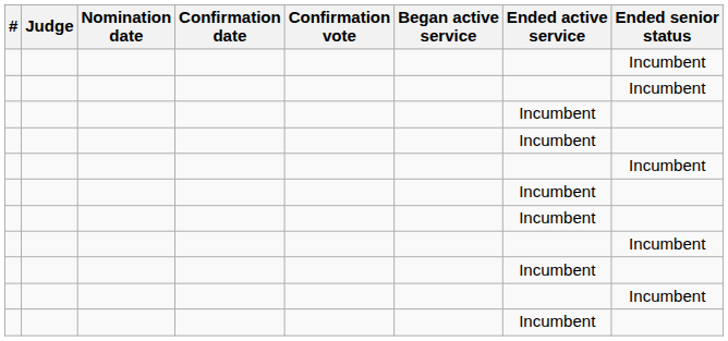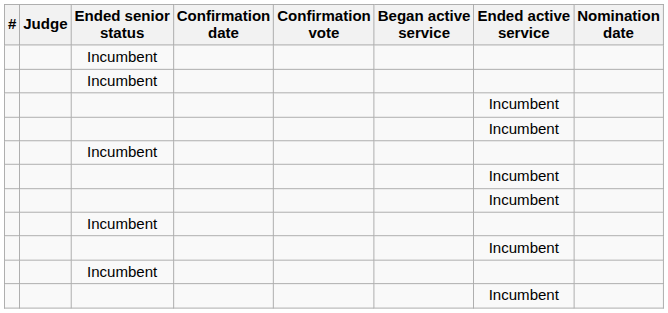 <table class="sortable wikitable">
 <tr bgcolor="#ececec">
 <th>#</th>
 <th>Judge</th>
-<th>Nomination<br>date</th>
+<th>Ended senior<br>status</th>
 <th>Confirmation<br>date</th>
 <th>Confirmation<br>vote</th>
 <th>Began active<br>service</th>
 <th>Ended active<br>service</th>
-<th>Ended senior<br>status</th>
+<th>Nomination<br>date</th>
 </tr>
 <tr>
 <td></td>
 <td></td>
+<td align="center">Incumbent</td>
+<td></td>
+<td align="center"></td>
+<td></td>
+<td></td>
+<td></td>
+</tr>
+<tr>
+<td></td>
+<td></td>
+<td align="center">Incumbent</td>
+<td></td>
+<td align="center"></td>
+<td></td>
+<td></td>
+<td></td>
+</tr>
+<tr>
 <td></td>
 <td></td>
 <td align="center"></td>
 <td></td>
+<td align="center"></td>
 <td></td>
 <td align="center">Incumbent</td>
+<td></td>
 </tr>
 <tr>
 <td></td>
 <td></td>
+<td align="center"></td>
+<td></td>
+<td align="center"></td>
+<td></td>
+<td align="center">Incumbent</td>
+<td></td>
+</tr>
+<tr>
+<td></td>
+<td></td>
+<td align="center">Incumbent</td>
+<td></td>
+<td align="center"></td>
+<td></td>
+<td></td>
+<td></td>
+</tr>
+<tr>
 <td></td>
 <td></td>
 <td align="center"></td>
 <td></td>
+<td align="center"></td>
 <td></td>
 <td align="center">Incumbent</td>
+<td></td>
 </tr>
 <tr>
 <td></td>
 <td></td>
+<td align="center"></td>
+<td></td>
+<td align="center"></td>
+<td></td>
+<td align="center">Incumbent</td>
+<td></td>
+</tr>
+<tr>
+<td></td>
+<td></td>
+<td align="center">Incumbent</td>
+<td></td>
+<td align="center"></td>
+<td></td>
+<td></td>
+<td></td>
+</tr>
+<tr>
 <td></td>
 <td></td>
 <td align="center"></td>
 <td></td>
+<td align="center"></td>
+<td></td>
 <td align="center">Incumbent</td>
-<td align="center"></td>
+<td></td>
 </tr>
 <tr>
 <td></td>
 <td></td>
+<td align="center">Incumbent</td>
+<td></td>
+<td align="center"></td>
+<td></td>
+<td></td>
+<td></td>
+</tr>
+<tr>
 <td></td>
 <td></td>
 <td align="center"></td>
 <td></td>
-<td align="center">Incumbent</td>
-<td align="center"></td>
-</tr>
-<tr>
-<td></td>
-<td></td>
-<td></td>
-<td></td>
-<td align="center"></td>
-<td></td>
-<td></td>
-<td align="center">Incumbent</td>
-</tr>
-<tr>
-<td></td>
-<td></td>
-<td></td>
-<td></td>
 <td align="center"></td>
 <td></td>
 <td align="center">Incumbent</td>
-<td align="center"></td>
-</tr>
-<tr>
 <td></td>
-<td></td>
-<td></td>
-<td></td>
-<td align="center"></td>
-<td></td>
-<td align="center">Incumbent</td>
-<td align="center"></td>
-</tr>
-<tr>
-<td></td>
-<td></td>
-<td></td>
-<td></td>
-<td align="center"></td>
-<td></td>
-<td></td>
-<td align="center">Incumbent</td>
-</tr>
-<tr>
-<td></td>
-<td></td>
-<td></td>
-<td></td>
-<td align="center"></td>
-<td></td>
-<td align="center">Incumbent</td>
-<td align="center"></td>
-</tr>
-<tr>
-<td></td>
-<td></td>
-<td></td>
-<td></td>
-<td align="center"></td>
-<td></td>
-<td></td>
-<td align="center">Incumbent</td>
-</tr>
-<tr>
-<td></td>
-<td></td>
-<td></td>
-<td></td>
-<td align="center"></td>
-<td></td>
-<td align="center">Incumbent</td>
-<td align="center"></td>
 </tr>
 </table>
